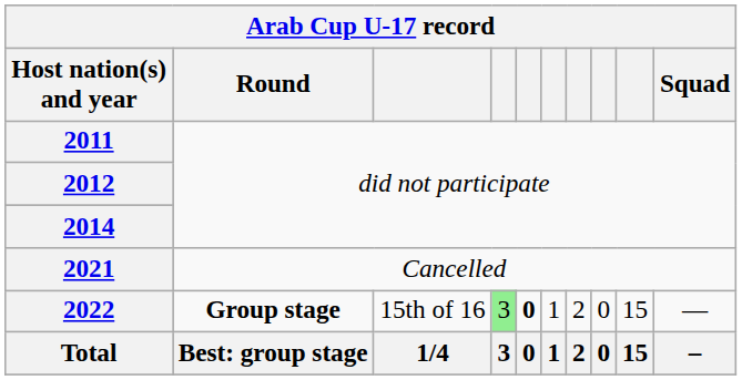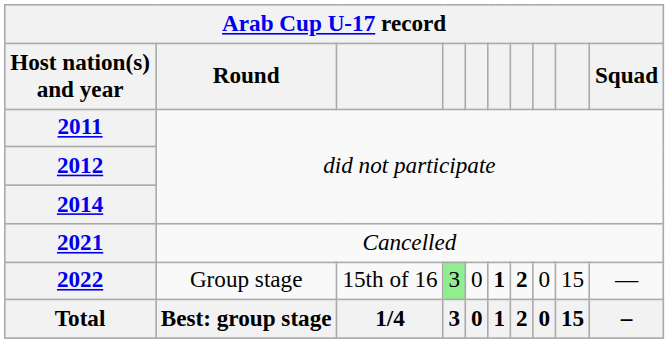 <table class="wikitable" style="font-size:90%; text-align:center;">
 <tr>
 <th colspan=10><a href='#'>Arab Cup U-17</a> record</th>
 </tr>
 <tr>
 <th scope="col">Host nation(s)<br>and year</th>
 <th scope="col">Round</th>
 <th scope="col"></th>
 <th scope="col"></th>
 <th scope="col"></th>
 <th scope="col"></th>
 <th scope="col"></th>
 <th scope="col"></th>
 <th scope="col"></th>
 <th scope="col">Squad</th>
 </tr>
 <tr>
 <th scope="row"> <a href='#'>2011</a></th>
 <td colspan="9" rowspan="3"><em>did not participate</em></td>
 </tr>
 <tr>
 <th> <a href='#'>2012</a></th>
 </tr>
 <tr>
 <th> <a href='#'>2014</a></th>
 </tr>
 <tr>
 <th> <a href='#'>2021</a></th>
 <td colspan="9"><em>Cancelled</em></td>
 </tr>
 <tr>
 <th> <a href='#'>2022</a></th>
-<td><strong>Group stage</strong></td>
+<td>Group stage</td>
 <td>15th of 16</td>
 <td style="background: lightgreen;">3</td>
-<td><strong>0</strong></td>
-<td>1</td>
-<td>2</td>
+<td>0</td>
+<td><strong>1</strong></td>
+<td><strong>2</strong></td>
 <td>0</td>
 <td>15</td>
 <td>—</td>
 </tr>
 <tr>
 <th>Total</th>
 <th>Best: group stage</th>
 <th>1/4</th>
 <th>3</th>
 <th>0</th>
 <th>1</th>
 <th>2</th>
 <th>0</th>
 <th>15</th>
 <th>–</th>
 </tr>
 </table>
